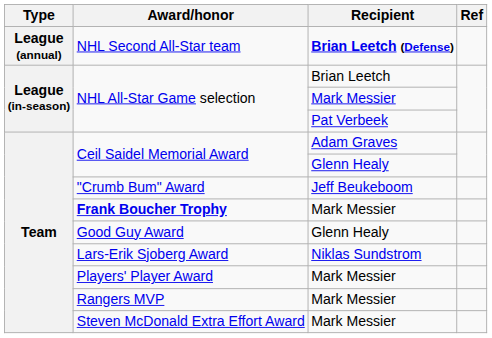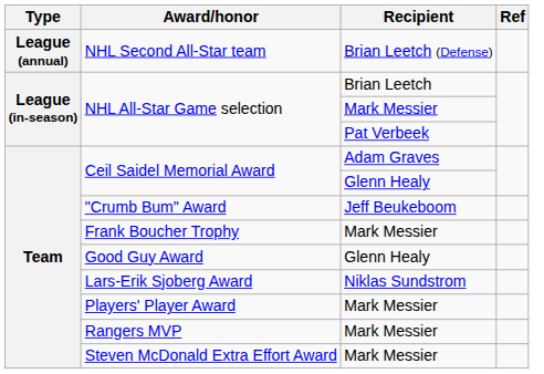 <table class="wikitable">
 <tr>
 <th scope="col">Type</th>
 <th scope="col">Award/honor</th>
 <th scope="col">Recipient</th>
 <th scope="col">Ref</th>
 </tr>
 <tr>
 <th scope="row">League<br><small>(annual)</small></th>
 <td><a href='#'>NHL Second All-Star team</a></td>
-<td><strong><a href='#'>Brian Leetch</a> <small>(<a href='#'>Defense</a>)</small></strong></td>
+<td><a href='#'>Brian Leetch</a> <small>(<a href='#'>Defense</a>)</small></td>
 <td></td>
 </tr>
 <tr>
 <th scope="row" rowspan=3>League<br><small>(in-season)</small></th>
 <td rowspan=3><a href='#'>NHL All-Star Game</a> selection</td>
 <td>Brian Leetch</td>
 <td rowspan=3></td>
 </tr>
 <tr>
 <td><a href='#'>Mark Messier</a></td>
 </tr>
 <tr>
 <td><a href='#'>Pat Verbeek</a></td>
 </tr>
 <tr>
 <th scope="row" rowspan="9">Team</th>
 <td rowspan="2"><a href='#'>Ceil Saidel Memorial Award</a></td>
 <td><a href='#'>Adam Graves</a></td>
 <td rowspan="2"></td>
 </tr>
 <tr>
 <td><a href='#'>Glenn Healy</a></td>
 </tr>
 <tr>
 <td><a href='#'>"Crumb Bum" Award</a></td>
 <td><a href='#'>Jeff Beukeboom</a></td>
 <td></td>
 </tr>
 <tr>
-<td><strong><a href='#'>Frank Boucher Trophy</a></strong></td>
+<td><a href='#'>Frank Boucher Trophy</a></td>
 <td>Mark Messier</td>
 <td></td>
 </tr>
 <tr>
 <td><a href='#'>Good Guy Award</a></td>
 <td>Glenn Healy</td>
 <td></td>
 </tr>
 <tr>
 <td><a href='#'>Lars-Erik Sjoberg Award</a></td>
 <td><a href='#'>Niklas Sundstrom</a></td>
 <td></td>
 </tr>
 <tr>
 <td><a href='#'>Players' Player Award</a></td>
 <td>Mark Messier</td>
 <td></td>
 </tr>
 <tr>
 <td><a href='#'>Rangers MVP</a></td>
 <td>Mark Messier</td>
 <td></td>
 </tr>
 <tr>
 <td><a href='#'>Steven McDonald Extra Effort Award</a></td>
 <td>Mark Messier</td>
 <td></td>
 </tr>
 </table>
